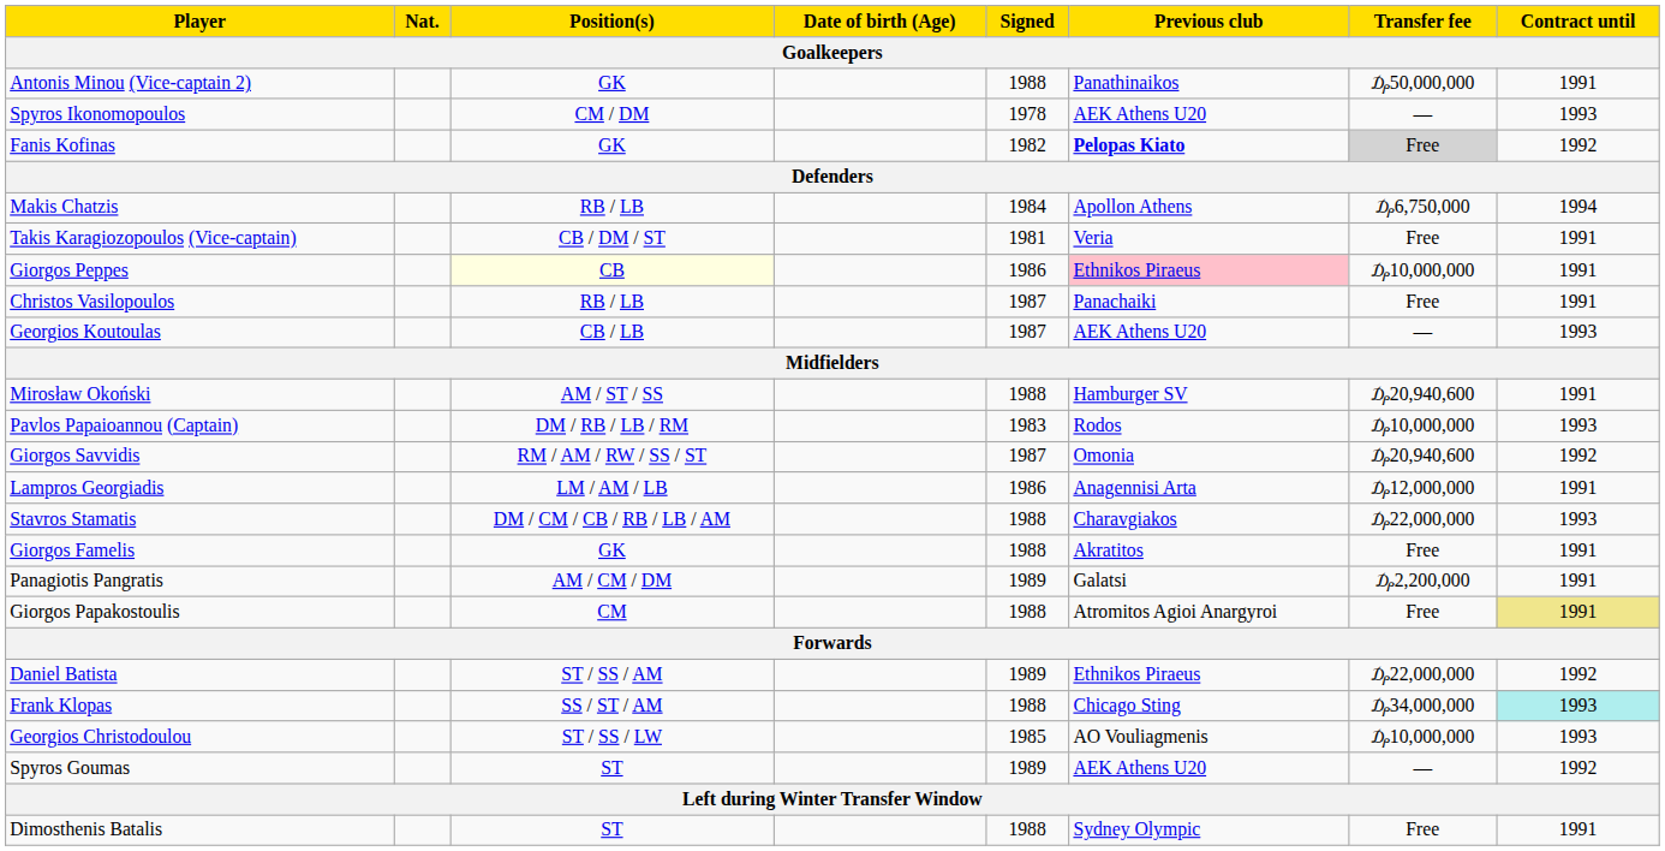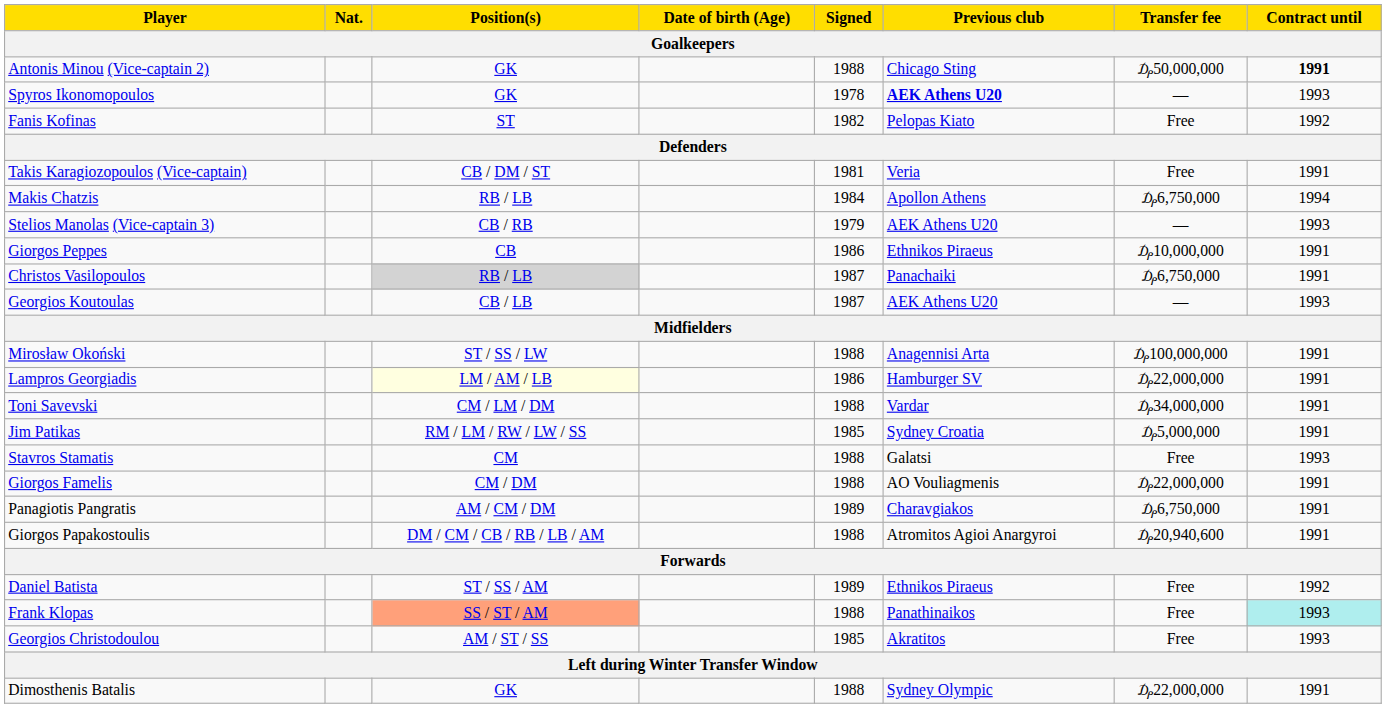 <table class="wikitable" style="text-align:center; font-size:90%;width:100%;">
 <tr>
 <th style="background:#FFDE00">Player</th>
 <th style="background:#FFDE00">Nat.</th>
 <th style="background:#FFDE00">Position(s)</th>
 <th style="background:#FFDE00">Date of birth (Age)</th>
 <th style="background:#FFDE00">Signed</th>
 <th style="background:#FFDE00">Previous club</th>
 <th style="background:#FFDE00">Transfer fee</th>
 <th style="background:#FFDE00">Contract until</th>
 </tr>
 <tr>
 <th colspan="8">Goalkeepers</th>
 </tr>
 <tr>
 <td align=left><a href='#'>Antonis Minou</a> <a href='#'>(Vice-captain 2)</a></td>
 <td></td>
 <td><a href='#'>GK</a></td>
 <td></td>
 <td>1988</td>
-<td align=left> <a href='#'>Panathinaikos</a></td>
+<td align=left> <a href='#'>Chicago Sting</a></td>
 <td>₯50,000,000</td>
-<td>1991</td>
+<td><strong>1991</strong></td>
 </tr>
 <tr>
 <td align=left><a href='#'>Spyros Ikonomopoulos</a></td>
 <td></td>
-<td><a href='#'>CM</a> / <a href='#'>DM</a></td>
+<td><a href='#'>GK</a></td>
 <td></td>
 <td>1978</td>
-<td align=left> <a href='#'>AEK Athens U20</a></td>
+<td align=left><strong> <a href='#'>AEK Athens U20</a></strong></td>
 <td>—</td>
 <td>1993</td>
 </tr>
 <tr>
 <td align=left><a href='#'>Fanis Kofinas</a></td>
 <td></td>
-<td><a href='#'>GK</a></td>
+<td><a href='#'>ST</a></td>
 <td></td>
 <td>1982</td>
-<td align=left><strong> <a href='#'>Pelopas Kiato</a></strong></td>
-<td style="background: lightgrey;">Free</td>
+<td align=left> <a href='#'>Pelopas Kiato</a></td>
+<td>Free</td>
 <td>1992</td>
 </tr>
 <tr>
 <th colspan="8">Defenders</th>
+</tr>
+<tr>
+<td align=left><a href='#'>Takis Karagiozopoulos</a> <a href='#'>(Vice-captain)</a></td>
+<td></td>
+<td><a href='#'>CB</a> / <a href='#'>DM</a> / <a href='#'>ST</a></td>
+<td></td>
+<td>1981</td>
+<td align=left> <a href='#'>Veria</a></td>
+<td>Free</td>
+<td>1991</td>
 </tr>
 <tr>
 <td align=left><a href='#'>Makis Chatzis</a></td>
 <td></td>
 <td><a href='#'>RB</a> / <a href='#'>LB</a></td>
 <td></td>
 <td>1984</td>
 <td align=left> <a href='#'>Apollon Athens</a></td>
 <td>₯6,750,000</td>
 <td>1994</td>
 </tr>
 <tr>
-<td align=left><a href='#'>Takis Karagiozopoulos</a> <a href='#'>(Vice-captain)</a></td>
+<td align=left><a href='#'>Stelios Manolas</a> <a href='#'>(Vice-captain 3)</a></td>
 <td></td>
-<td><a href='#'>CB</a> / <a href='#'>DM</a> / <a href='#'>ST</a></td>
+<td><a href='#'>CB</a> / <a href='#'>RB</a></td>
 <td></td>
-<td>1981</td>
-<td align=left> <a href='#'>Veria</a></td>
-<td>Free</td>
-<td>1991</td>
+<td>1979</td>
+<td align=left> <a href='#'>AEK Athens U20</a></td>
+<td>—</td>
+<td>1993</td>
 </tr>
 <tr>
 <td align=left><a href='#'>Giorgos Peppes</a></td>
 <td></td>
-<td style="background: lightyellow;"><a href='#'>CB</a></td>
+<td><a href='#'>CB</a></td>
 <td></td>
 <td>1986</td>
-<td align=left style="background: pink;"> <a href='#'>Ethnikos Piraeus</a></td>
+<td align=left> <a href='#'>Ethnikos Piraeus</a></td>
 <td>₯10,000,000</td>
 <td>1991</td>
 </tr>
 <tr>
 <td align=left><a href='#'>Christos Vasilopoulos</a></td>
 <td></td>
-<td><a href='#'>RB</a> / <a href='#'>LB</a></td>
+<td style="background: lightgrey;"><a href='#'>RB</a> / <a href='#'>LB</a></td>
 <td></td>
 <td>1987</td>
 <td align=left> <a href='#'>Panachaiki</a></td>
-<td>Free</td>
+<td>₯6,750,000</td>
 <td>1991</td>
 </tr>
 <tr>
 <td align=left><a href='#'>Georgios Koutoulas</a></td>
 <td></td>
 <td><a href='#'>CB</a> / <a href='#'>LB</a></td>
 <td></td>
 <td>1987</td>
 <td align=left> <a href='#'>AEK Athens U20</a></td>
 <td>—</td>
 <td>1993</td>
 </tr>
 <tr>
 <th colspan="8">Midfielders</th>
 </tr>
 <tr>
 <td align=left><a href='#'>Mirosław Okoński</a></td>
 <td></td>
-<td><a href='#'>AM</a> / <a href='#'>ST</a> / <a href='#'>SS</a></td>
+<td><a href='#'>ST</a> / <a href='#'>SS</a> / <a href='#'>LW</a></td>
 <td></td>
 <td>1988</td>
-<td align=left> <a href='#'>Hamburger SV</a></td>
-<td>₯20,940,600</td>
+<td align=left> <a href='#'>Anagennisi Arta</a></td>
+<td>₯100,000,000</td>
 <td>1991</td>
-</tr>
-<tr>
-<td align=left><a href='#'>Pavlos Papaioannou</a> <a href='#'>(Captain)</a></td>
-<td></td>
-<td><a href='#'>DM</a> / <a href='#'>RB</a> / <a href='#'>LB</a> / <a href='#'>RM</a></td>
-<td></td>
-<td>1983</td>
-<td align=left> <a href='#'>Rodos</a></td>
-<td>₯10,000,000</td>
-<td>1993</td>
-</tr>
-<tr>
-<td align=left><a href='#'>Giorgos Savvidis</a></td>
-<td></td>
-<td><a href='#'>RM</a> / <a href='#'>AM</a> / <a href='#'>RW</a> / <a href='#'>SS</a> / <a href='#'>ST</a></td>
-<td></td>
-<td>1987</td>
-<td align=left> <a href='#'>Omonia</a></td>
-<td>₯20,940,600</td>
-<td>1992</td>
 </tr>
 <tr>
 <td align=left><a href='#'>Lampros Georgiadis</a></td>
 <td></td>
-<td><a href='#'>LM</a> / <a href='#'>AM</a> / <a href='#'>LB</a></td>
+<td style="background: lightyellow;"><a href='#'>LM</a> / <a href='#'>AM</a> / <a href='#'>LB</a></td>
 <td></td>
 <td>1986</td>
-<td align=left> <a href='#'>Anagennisi Arta</a></td>
-<td>₯12,000,000</td>
+<td align=left> <a href='#'>Hamburger SV</a></td>
+<td>₯22,000,000</td>
+<td>1991</td>
+</tr>
+<tr>
+<td align=left><a href='#'>Toni Savevski</a></td>
+<td></td>
+<td><a href='#'>CM</a> / <a href='#'>LM</a> / <a href='#'>DM</a></td>
+<td></td>
+<td>1988</td>
+<td align=left> <a href='#'>Vardar</a></td>
+<td>₯34,000,000</td>
+<td>1991</td>
+</tr>
+<tr>
+<td align=left><a href='#'>Jim Patikas</a></td>
+<td></td>
+<td><a href='#'>RM</a> / <a href='#'>LM</a> / <a href='#'>RW</a> / <a href='#'>LW</a> / <a href='#'>SS</a></td>
+<td></td>
+<td>1985</td>
+<td align=left> <a href='#'>Sydney Croatia</a></td>
+<td>₯5,000,000</td>
 <td>1991</td>
 </tr>
 <tr>
 <td align=left><a href='#'>Stavros Stamatis</a></td>
 <td></td>
-<td><a href='#'>DM</a> / <a href='#'>CM</a> / <a href='#'>CB</a> / <a href='#'>RB</a> / <a href='#'>LB</a> /  <a href='#'>AM</a></td>
+<td><a href='#'>CM</a></td>
 <td></td>
 <td>1988</td>
-<td align=left> <a href='#'>Charavgiakos</a></td>
-<td>₯22,000,000</td>
+<td align=left> Galatsi</td>
+<td>Free</td>
 <td>1993</td>
 </tr>
 <tr>
 <td align=left><a href='#'>Giorgos Famelis</a></td>
 <td></td>
-<td><a href='#'>GK</a></td>
+<td><a href='#'>CM</a> / <a href='#'>DM</a></td>
 <td></td>
 <td>1988</td>
-<td align=left> <a href='#'>Akratitos</a></td>
-<td>Free</td>
+<td align=left> AO Vouliagmenis</td>
+<td>₯22,000,000</td>
 <td>1991</td>
 </tr>
 <tr>
 <td align=left>Panagiotis Pangratis</td>
 <td></td>
 <td><a href='#'>AM</a> / <a href='#'>CM</a> / <a href='#'>DM</a></td>
 <td></td>
 <td>1989</td>
-<td align=left> Galatsi</td>
-<td>₯2,200,000</td>
+<td align=left> <a href='#'>Charavgiakos</a></td>
+<td>₯6,750,000</td>
 <td>1991</td>
 </tr>
 <tr>
 <td align=left>Giorgos Papakostoulis</td>
 <td></td>
-<td><a href='#'>CM</a></td>
+<td><a href='#'>DM</a> / <a href='#'>CM</a> / <a href='#'>CB</a> / <a href='#'>RB</a> / <a href='#'>LB</a> /  <a href='#'>AM</a></td>
 <td></td>
 <td>1988</td>
 <td align=left> Atromitos Agioi Anargyroi</td>
-<td>Free</td>
-<td style="background: khaki;">1991</td>
+<td>₯20,940,600</td>
+<td>1991</td>
 </tr>
 <tr>
 <th colspan="8">Forwards</th>
 </tr>
 <tr>
 <td align=left><a href='#'>Daniel Batista</a></td>
 <td></td>
 <td><a href='#'>ST</a> / <a href='#'>SS</a> / <a href='#'>AM</a></td>
 <td></td>
 <td>1989</td>
 <td align=left> <a href='#'>Ethnikos Piraeus</a></td>
-<td>₯22,000,000</td>
+<td>Free</td>
 <td>1992</td>
 </tr>
 <tr>
 <td align=left><a href='#'>Frank Klopas</a></td>
 <td></td>
-<td><a href='#'>SS</a> / <a href='#'>ST</a> / <a href='#'>AM</a></td>
+<td style="background: lightsalmon;"><a href='#'>SS</a> / <a href='#'>ST</a> / <a href='#'>AM</a></td>
 <td></td>
 <td>1988</td>
-<td align=left> <a href='#'>Chicago Sting</a></td>
-<td>₯34,000,000</td>
+<td align=left> <a href='#'>Panathinaikos</a></td>
+<td>Free</td>
 <td style="background: paleturquoise;">1993</td>
 </tr>
 <tr>
 <td align=left><a href='#'>Georgios Christodoulou</a></td>
 <td></td>
-<td><a href='#'>ST</a> / <a href='#'>SS</a> / <a href='#'>LW</a></td>
+<td><a href='#'>AM</a> / <a href='#'>ST</a> / <a href='#'>SS</a></td>
 <td></td>
 <td>1985</td>
-<td align=left> AO Vouliagmenis</td>
-<td>₯10,000,000</td>
+<td align=left> <a href='#'>Akratitos</a></td>
+<td>Free</td>
 <td>1993</td>
-</tr>
-<tr>
-<td align=left>Spyros Goumas</td>
-<td></td>
-<td><a href='#'>ST</a></td>
-<td></td>
-<td>1989</td>
-<td align=left> <a href='#'>AEK Athens U20</a></td>
-<td>—</td>
-<td>1992</td>
 </tr>
 <tr>
 <th colspan="8">Left during Winter Transfer Window</th>
 </tr>
 <tr>
 <td align=left>Dimosthenis Batalis</td>
 <td></td>
-<td><a href='#'>ST</a></td>
+<td><a href='#'>GK</a></td>
 <td></td>
 <td>1988</td>
 <td align=left> <a href='#'>Sydney Olympic</a></td>
-<td>Free</td>
+<td>₯22,000,000</td>
 <td>1991</td>
 </tr>
 </table>
